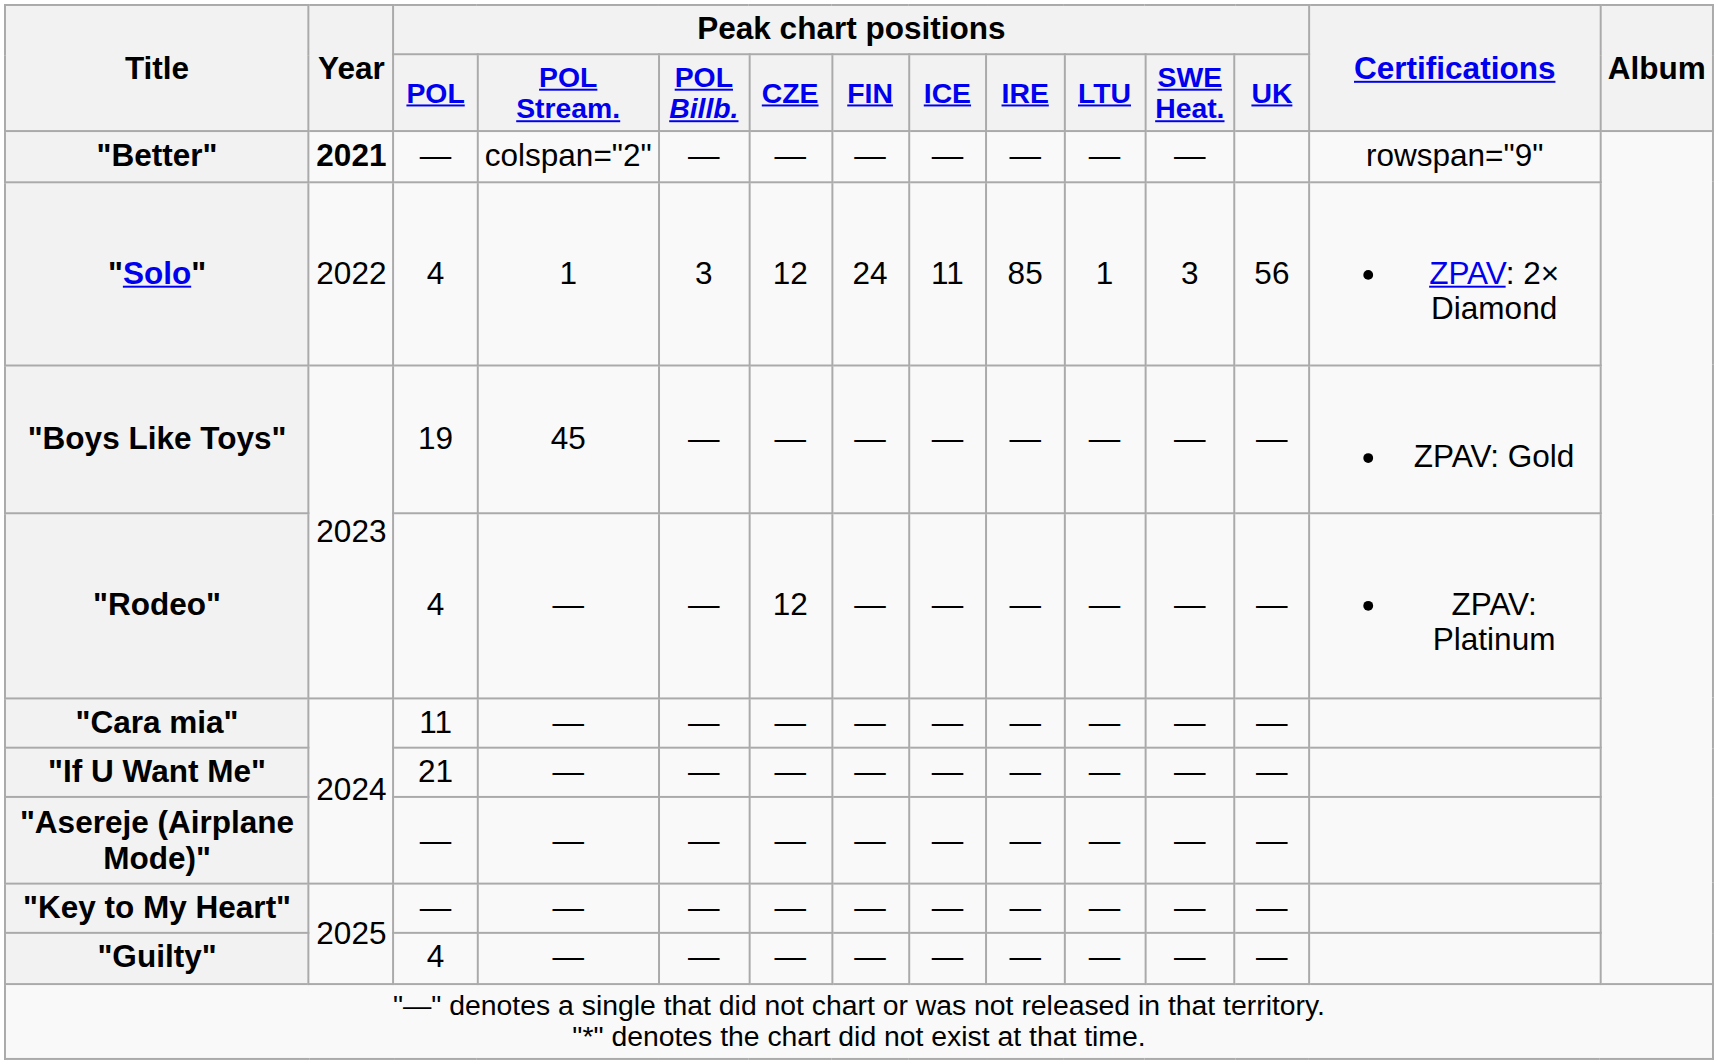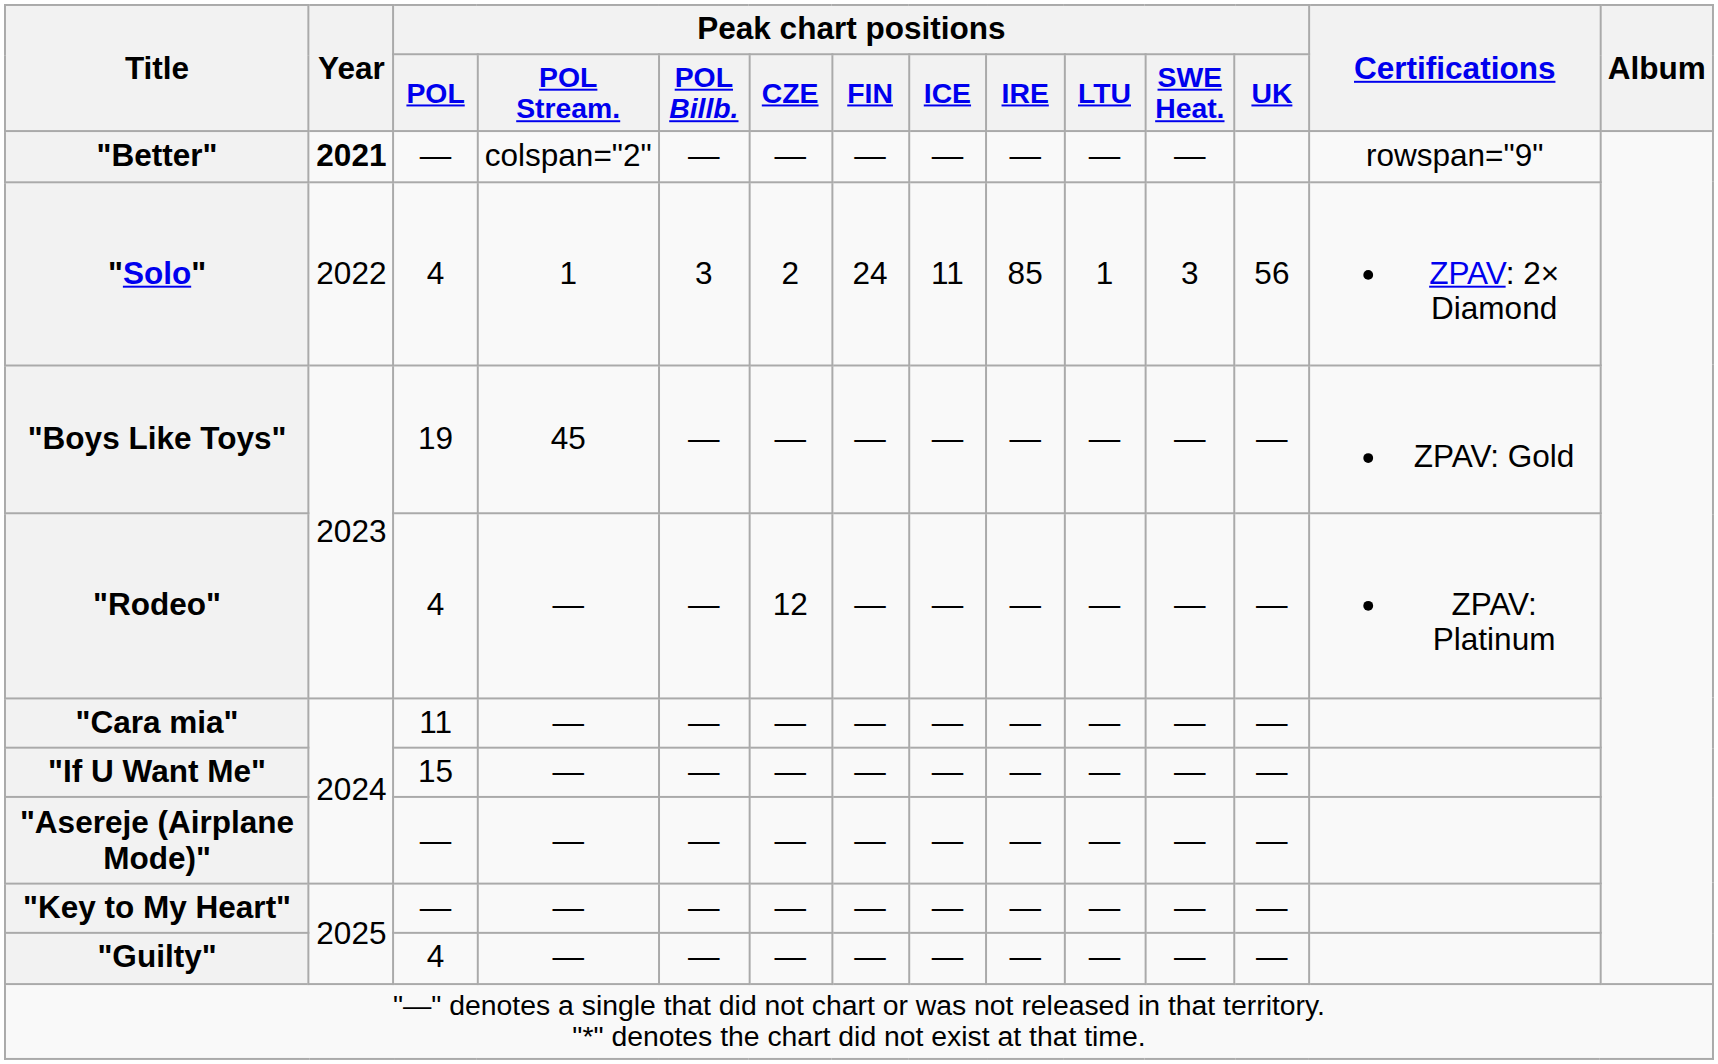 <table class="wikitable plainrowheaders" style="text-align:center;">
 <tr>
 <th scope="col" rowspan="2" style="width:15em;">Title</th>
 <th scope="col" rowspan="2" style="width:1em;">Year</th>
 <th scope="col" colspan="10">Peak chart positions</th>
 <th scope="col" rowspan="2" style="width:11.5em;"><a href='#'>Certifications</a></th>
 <th scope="col" rowspan="2">Album</th>
 </tr>
 <tr>
 <th style="width:3em;font-size:90%"><a href='#'>POL</a><br></th>
 <th style="width:3em;font-size:90%"><a href='#'>POL<br>Stream.</a><br></th>
 <th style="width:3em;font-size:90%"><a href='#'>POL<br><em>Billb.</em></a><br></th>
 <th style="width:3em;font-size:90%"><a href='#'>CZE</a><br></th>
 <th style="width:3em;font-size:90%"><a href='#'>FIN</a><br></th>
 <th style="width:3em;font-size:90%"><a href='#'>ICE</a><br></th>
 <th style="width:3em;font-size:90%"><a href='#'>IRE</a><br></th>
 <th style="width:3em;font-size:90%"><a href='#'>LTU</a><br></th>
 <th style="width:3em;font-size:90%"><a href='#'>SWE<br>Heat.</a><br></th>
 <th style="width:3em;font-size:90%"><a href='#'>UK</a><br></th>
 </tr>
 <tr>
 <th scope="row">"Better"</th>
 <td><strong>2021</strong></td>
 <td>—</td>
 <td>colspan="2" </td>
 <td>—</td>
 <td>—</td>
 <td>—</td>
 <td>—</td>
 <td>—</td>
 <td>—</td>
 <td>—</td>
 <td></td>
 <td>rowspan="9" </td>
 </tr>
 <tr>
 <th scope="row">"<a href='#'>Solo</a>"</th>
 <td>2022</td>
 <td>4</td>
 <td>1</td>
 <td>3</td>
-<td>12</td>
+<td>2</td>
 <td>24</td>
 <td>11</td>
 <td>85</td>
 <td>1</td>
 <td>3</td>
 <td>56</td>
 <td><br><ul><li><a href='#'>ZPAV</a>: 2× Diamond</li></ul></td>
 </tr>
 <tr>
 <th scope="row">"Boys Like Toys"</th>
 <td rowspan="2">2023</td>
 <td>19</td>
 <td>45</td>
 <td>—</td>
 <td>—</td>
 <td>—</td>
 <td>—</td>
 <td>—</td>
 <td>—</td>
 <td>—</td>
 <td>—</td>
 <td><br><ul><li>ZPAV: Gold</li></ul></td>
 </tr>
 <tr>
 <th scope="row">"Rodeo"</th>
 <td>4</td>
 <td>—</td>
 <td>—</td>
 <td>12</td>
 <td>—</td>
 <td>—</td>
 <td>—</td>
 <td>—</td>
 <td>—</td>
 <td>—</td>
 <td><br><ul><li>ZPAV: Platinum</li></ul></td>
 </tr>
 <tr>
 <th scope="row">"Cara mia"</th>
 <td rowspan="3">2024</td>
 <td>11</td>
 <td>—</td>
 <td>—</td>
 <td>—</td>
 <td>—</td>
 <td>—</td>
 <td>—</td>
 <td>—</td>
 <td>—</td>
 <td>—</td>
 <td></td>
 </tr>
 <tr>
 <th scope="row">"If U Want Me"</th>
-<td>21</td>
+<td>15</td>
 <td>—</td>
 <td>—</td>
 <td>—</td>
 <td>—</td>
 <td>—</td>
 <td>—</td>
 <td>—</td>
 <td>—</td>
 <td>—</td>
 <td></td>
 </tr>
 <tr>
 <th scope="row">"Asereje (Airplane Mode)"</th>
 <td>—</td>
 <td>—</td>
 <td>—</td>
 <td>—</td>
 <td>—</td>
 <td>—</td>
 <td>—</td>
 <td>—</td>
 <td>—</td>
 <td>—</td>
 <td></td>
 </tr>
 <tr>
 <th scope="row">"Key to My Heart"</th>
 <td rowspan="2">2025</td>
 <td>—</td>
 <td>—</td>
 <td>—</td>
 <td>—</td>
 <td>—</td>
 <td>—</td>
 <td>—</td>
 <td>—</td>
 <td>—</td>
 <td>—</td>
 <td></td>
 </tr>
 <tr>
 <th scope="row">"Guilty"</th>
 <td>4</td>
 <td>—</td>
 <td>—</td>
 <td>—</td>
 <td>—</td>
 <td>—</td>
 <td>—</td>
 <td>—</td>
 <td>—</td>
 <td>—</td>
 <td></td>
 </tr>
 <tr>
 <td colspan="14" style="font-size:90%">"—" denotes a single that did not chart or was not released in that territory.<br>"*" denotes the chart did not exist at that time.</td>
 </tr>
 </table>
